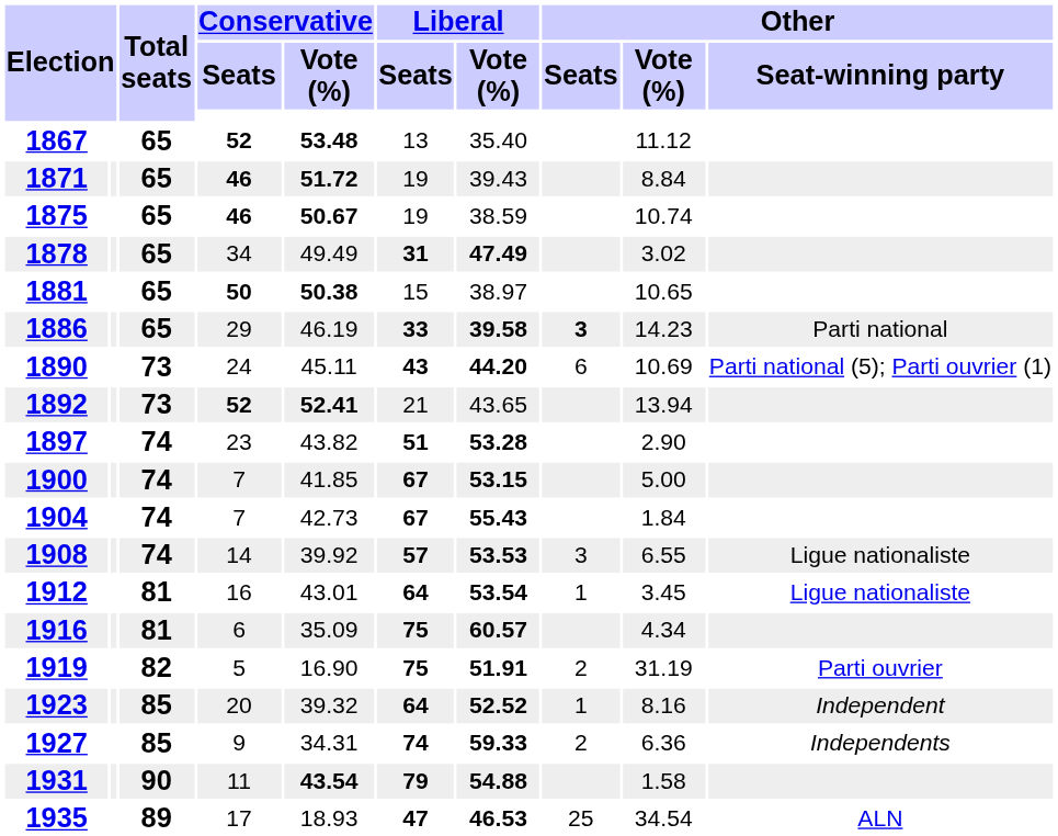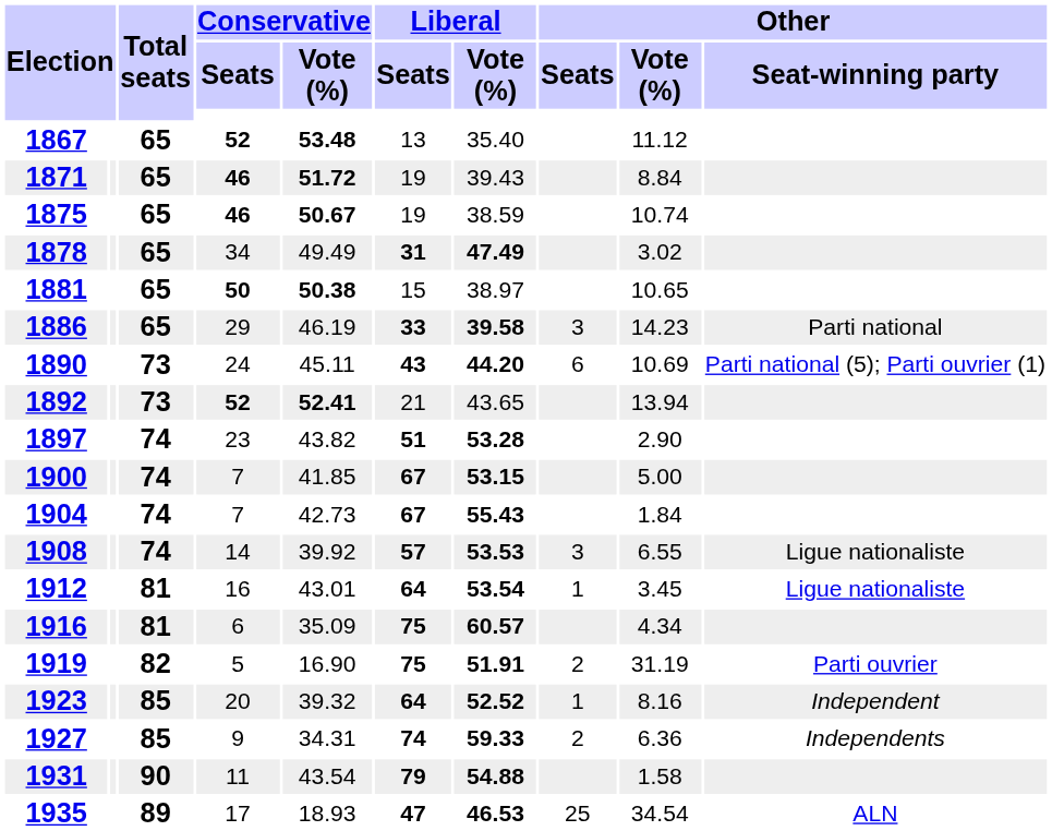 <table class="toccolours" style="margin:0 auto; clear:both; text-align: center;" border="0">
 <tr style="background:#ccccff;">
 <th align="left" rowspan=3 colspan=2><strong><big>Election</big></strong></th>
 <th align="center" rowspan=3 width=50><strong><big>Total seats</big></strong></th>
 <th align="center" colspan=2><strong><big><a href='#'>Conservative</a></big></strong></th>
 <th align="center" colspan=2><a href='#'><strong><big>Liberal</big></strong></a></th>
 <th align="center" colspan=3><strong><big>Other</big></strong></th>
 </tr>
 <tr style="background:#ccccff;">
 <th align="center" width=50><strong><big>Seats</big></strong></th>
 <th align="center" width=55><strong><big>Vote (%)</big></strong></th>
 <th align="center" width=50><strong><big>Seats</big></strong></th>
 <th align="center" width=55><strong><big>Vote (%)</big></strong></th>
 <th align="center" width=50><strong><big>Seats</big></strong></th>
 <th align="center" width=55><strong><big>Vote (%)</big></strong></th>
 <th align="center"><strong><big>Seat-winning party</big></strong></th>
 </tr>
 <tr height=6>
 <td></td>
 <td></td>
 <td></td>
 </tr>
 <tr>
 <th><a href='#'><big><strong>1867</strong></big></a></th>
 <td></td>
 <th><strong><big>65</big></strong></th>
 <th>52</th>
 <th>53.48</th>
 <td>13</td>
 <td>35.40</td>
 <td></td>
 <td>11.12</td>
 <td></td>
 </tr>
 <tr style="background:#EEEEEE;">
 <th><a href='#'><big><strong>1871</strong></big></a></th>
 <td></td>
 <th><strong><big>65</big></strong></th>
 <th>46</th>
 <th>51.72</th>
 <td>19</td>
 <td>39.43</td>
 <td></td>
 <td>8.84</td>
 <td></td>
 </tr>
 <tr>
 <th><a href='#'><big><strong>1875</strong></big></a></th>
 <td></td>
 <th><strong><big>65</big></strong></th>
 <th>46</th>
 <th>50.67</th>
 <td>19</td>
 <td>38.59</td>
 <td></td>
 <td>10.74</td>
 <td></td>
 </tr>
 <tr style="background:#EEEEEE;">
 <th><a href='#'><big><strong>1878</strong></big></a></th>
 <td></td>
 <th><strong><big>65</big></strong></th>
 <td>34</td>
 <td>49.49</td>
 <th>31</th>
 <th>47.49</th>
 <td></td>
 <td>3.02</td>
 <td></td>
 </tr>
 <tr>
 <th><a href='#'><big><strong>1881</strong></big></a></th>
 <td></td>
 <th><strong><big>65</big></strong></th>
 <th>50</th>
 <th>50.38</th>
 <td>15</td>
 <td>38.97</td>
 <td></td>
 <td>10.65</td>
 <td></td>
 </tr>
 <tr style="background:#EEEEEE;">
 <th><a href='#'><big><strong>1886</strong></big></a></th>
 <td></td>
 <th><strong><big>65</big></strong></th>
 <td>29</td>
 <td>46.19</td>
 <th>33</th>
 <th>39.58</th>
-<td><strong>3</strong></td>
+<td>3</td>
 <td>14.23</td>
 <td>Parti national</td>
 </tr>
 <tr>
 <th><a href='#'><big><strong>1890</strong></big></a></th>
 <td></td>
 <th><strong><big>73</big></strong></th>
 <td>24</td>
 <td>45.11</td>
 <th>43</th>
 <th>44.20</th>
 <td>6</td>
 <td>10.69</td>
 <td><a href='#'>Parti national</a> (5); <a href='#'>Parti ouvrier</a> (1)</td>
 </tr>
 <tr style="background:#EEEEEE;">
 <th><a href='#'><big><strong>1892</strong></big></a></th>
 <td></td>
 <th><strong><big>73</big></strong></th>
 <th>52</th>
 <th>52.41</th>
 <td>21</td>
 <td>43.65</td>
 <td></td>
 <td>13.94</td>
 <td></td>
 </tr>
 <tr>
 <th><a href='#'><big><strong>1897</strong></big></a></th>
 <td></td>
 <th><strong><big>74</big></strong></th>
 <td>23</td>
 <td>43.82</td>
 <th>51</th>
 <th>53.28</th>
 <td></td>
 <td>2.90</td>
 <td></td>
 </tr>
 <tr style="background:#EEEEEE;">
 <th><a href='#'><big><strong>1900</strong></big></a></th>
 <td></td>
 <th><strong><big>74</big></strong></th>
 <td>7</td>
 <td>41.85</td>
 <th>67</th>
 <th>53.15</th>
 <td></td>
 <td>5.00</td>
 <td></td>
 </tr>
 <tr>
 <th><a href='#'><big><strong>1904</strong></big></a></th>
 <td></td>
 <th><strong><big>74</big></strong></th>
 <td>7</td>
 <td>42.73</td>
 <th>67</th>
 <th>55.43</th>
 <td></td>
 <td>1.84</td>
 <td></td>
 </tr>
 <tr style="background:#EEEEEE;">
 <th><a href='#'><big><strong>1908</strong></big></a></th>
 <td></td>
 <th><strong><big>74</big></strong></th>
 <td>14</td>
 <td>39.92</td>
 <th>57</th>
 <th>53.53</th>
 <td>3</td>
 <td>6.55</td>
 <td>Ligue nationaliste</td>
 </tr>
 <tr>
 <th><a href='#'><big><strong>1912</strong></big></a></th>
 <td></td>
 <th><strong><big>81</big></strong></th>
 <td>16</td>
 <td>43.01</td>
 <th>64</th>
 <th>53.54</th>
 <td>1</td>
 <td>3.45</td>
 <td><a href='#'>Ligue nationaliste</a></td>
 </tr>
 <tr style="background:#EEEEEE;">
 <th><a href='#'><big><strong>1916</strong></big></a></th>
 <td></td>
 <th><strong><big>81</big></strong></th>
 <td>6</td>
 <td>35.09</td>
 <th>75</th>
 <th>60.57</th>
 <td></td>
 <td>4.34</td>
 <td></td>
 </tr>
 <tr>
 <th><a href='#'><big><strong>1919</strong></big></a></th>
 <td></td>
 <th><strong><big>82</big></strong></th>
 <td>5</td>
 <td>16.90</td>
 <th>75</th>
 <th>51.91</th>
 <td>2</td>
 <td>31.19</td>
 <td><a href='#'>Parti ouvrier</a></td>
 </tr>
 <tr style="background:#EEEEEE;">
 <th><a href='#'><big><strong>1923</strong></big></a></th>
 <td></td>
 <th><strong><big>85</big></strong></th>
 <td>20</td>
 <td>39.32</td>
 <th>64</th>
 <th>52.52</th>
 <td>1</td>
 <td>8.16</td>
 <td><em>Independent</em></td>
 </tr>
 <tr>
 <th><a href='#'><big><strong>1927</strong></big></a></th>
 <td></td>
 <th><strong><big>85</big></strong></th>
 <td>9</td>
 <td>34.31</td>
 <th>74</th>
 <th>59.33</th>
 <td>2</td>
 <td>6.36</td>
 <td><em>Independents</em></td>
 </tr>
 <tr style="background:#EEEEEE;">
 <th><a href='#'><big><strong>1931</strong></big></a></th>
 <td></td>
 <th><strong><big>90</big></strong></th>
 <td>11</td>
-<td><strong>43.54</strong></td>
+<td>43.54</td>
 <th>79</th>
 <th>54.88</th>
 <td></td>
 <td>1.58</td>
 <td></td>
 </tr>
 <tr>
 <th><a href='#'><big><strong>1935</strong></big></a></th>
 <td></td>
 <th><strong><big>89</big></strong></th>
 <td>17</td>
 <td>18.93</td>
 <th>47</th>
 <th>46.53</th>
 <td>25</td>
 <td>34.54</td>
 <td><a href='#'>ALN</a></td>
 </tr>
 </table>
